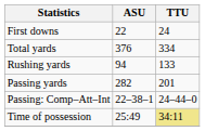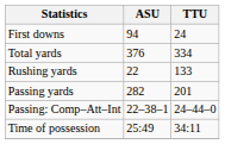 <table class="wikitable" style="float: left;">
 <tr>
 <th>Statistics</th>
 <th>ASU</th>
 <th>TTU</th>
 </tr>
 <tr>
 <td>First downs</td>
-<td>22</td>
+<td>94</td>
 <td>24</td>
 </tr>
 <tr>
 <td>Total yards</td>
 <td>376</td>
 <td>334</td>
 </tr>
 <tr>
 <td>Rushing yards</td>
-<td>94</td>
+<td>22</td>
 <td>133</td>
 </tr>
 <tr>
 <td>Passing yards</td>
 <td>282</td>
 <td>201</td>
 </tr>
 <tr>
 <td>Passing: Comp–Att–Int</td>
 <td>22–38–1</td>
 <td>24–44–0</td>
 </tr>
 <tr>
 <td>Time of possession</td>
 <td>25:49</td>
-<td style="background: khaki;">34:11</td>
+<td>34:11</td>
 </tr>
 <tr>
 </tr>
 </table>
